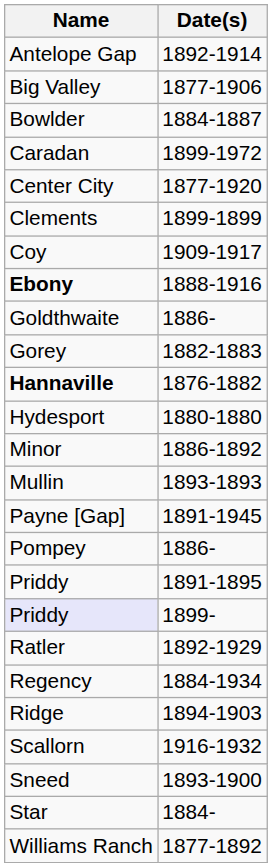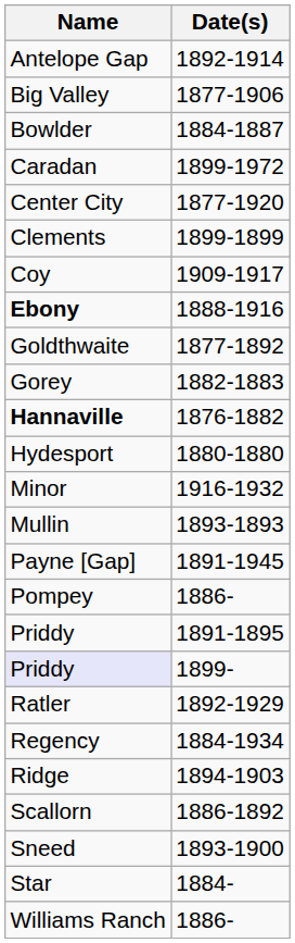 <table class="wikitable sortable mw-collapsible mw-collapsed">
 <tr>
 <th>Name</th>
 <th>Date(s)</th>
 </tr>
 <tr>
 <td>Antelope Gap</td>
 <td>1892-1914</td>
 </tr>
 <tr>
 <td>Big Valley</td>
 <td>1877-1906</td>
 </tr>
 <tr>
 <td>Bowlder</td>
 <td>1884-1887</td>
 </tr>
 <tr>
 <td>Caradan</td>
 <td>1899-1972</td>
 </tr>
 <tr>
 <td>Center City</td>
 <td>1877-1920</td>
 </tr>
 <tr>
 <td>Clements</td>
 <td>1899-1899</td>
 </tr>
 <tr>
 <td>Coy</td>
 <td>1909-1917</td>
 </tr>
 <tr>
 <td><strong>Ebony</strong></td>
 <td>1888-1916</td>
 </tr>
 <tr>
 <td>Goldthwaite</td>
-<td>1886-</td>
+<td>1877-1892</td>
 </tr>
 <tr>
 <td>Gorey</td>
 <td>1882-1883</td>
 </tr>
 <tr>
 <td><strong>Hannaville</strong></td>
 <td>1876-1882</td>
 </tr>
 <tr>
 <td>Hydesport</td>
 <td>1880-1880</td>
 </tr>
 <tr>
 <td>Minor</td>
-<td>1886-1892</td>
+<td>1916-1932</td>
 </tr>
 <tr>
 <td>Mullin</td>
 <td>1893-1893</td>
 </tr>
 <tr>
 <td>Payne [Gap]</td>
 <td>1891-1945</td>
 </tr>
 <tr>
 <td>Pompey</td>
 <td>1886-</td>
 </tr>
 <tr>
 <td>Priddy</td>
 <td>1891-1895</td>
 </tr>
 <tr>
 <td style="background: lavender;">Priddy</td>
 <td>1899-</td>
 </tr>
 <tr>
 <td>Ratler</td>
 <td>1892-1929</td>
 </tr>
 <tr>
 <td>Regency</td>
 <td>1884-1934</td>
 </tr>
 <tr>
 <td>Ridge</td>
 <td>1894-1903</td>
 </tr>
 <tr>
 <td>Scallorn</td>
-<td>1916-1932</td>
+<td>1886-1892</td>
 </tr>
 <tr>
 <td>Sneed</td>
 <td>1893-1900</td>
 </tr>
 <tr>
 <td>Star</td>
 <td>1884-</td>
 </tr>
 <tr>
 <td>Williams Ranch</td>
-<td>1877-1892</td>
+<td>1886-</td>
 </tr>
 </table>
